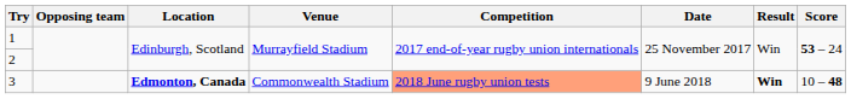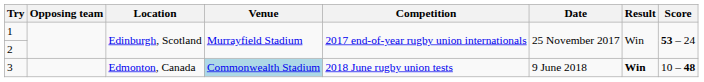 <table class="wikitable" style="font-size:100%">
 <tr>
 <th>Try</th>
 <th>Opposing team</th>
 <th>Location</th>
 <th>Venue</th>
 <th>Competition</th>
 <th>Date</th>
 <th>Result</th>
 <th>Score</th>
 </tr>
 <tr>
 <td>1</td>
 <td rowspan="2"></td>
 <td rowspan="2"><a href='#'>Edinburgh</a>, Scotland</td>
 <td rowspan="2"><a href='#'>Murrayfield Stadium</a></td>
 <td rowspan="2"><a href='#'>2017 end-of-year rugby union internationals</a></td>
 <td rowspan="2">25 November 2017</td>
 <td rowspan="2">Win</td>
 <td rowspan="2"><strong>53</strong> – 24</td>
 </tr>
 <tr>
 <td>2</td>
 </tr>
 <tr>
 <td>3</td>
 <td></td>
-<td><strong><a href='#'>Edmonton</a>, Canada</strong></td>
-<td><a href='#'>Commonwealth Stadium</a></td>
-<td style="background: lightsalmon;"><a href='#'>2018 June rugby union tests</a></td>
+<td><a href='#'>Edmonton</a>, Canada</td>
+<td style="background: lightblue;"><a href='#'>Commonwealth Stadium</a></td>
+<td><a href='#'>2018 June rugby union tests</a></td>
 <td>9 June 2018</td>
 <td><strong>Win</strong></td>
 <td>10 – <strong>48</strong></td>
 </tr>
 </table>
